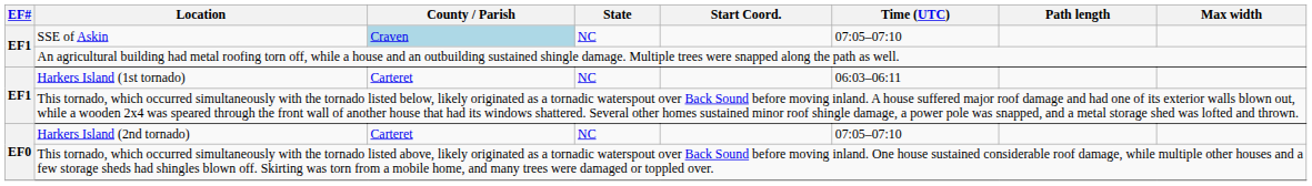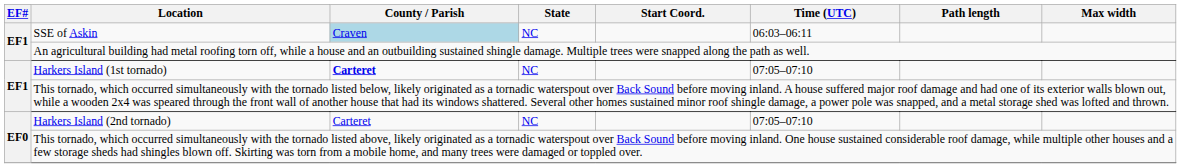 <table class="wikitable sortable" style="width:100%;">
 <tr>
 <th scope="col" width="2%" align="center"><a href='#'>EF#</a></th>
 <th scope="col" align="center" class="unsortable">Location</th>
 <th scope="col" align="center" class="unsortable">County / Parish</th>
 <th scope="col" align="center">State</th>
 <th scope="col" align="center">Start Coord.</th>
 <th scope="col" align="center">Time (<a href='#'>UTC</a>)</th>
 <th scope="col" align="center">Path length</th>
 <th scope="col" align="center">Max width</th>
 </tr>
 <tr>
 <th scope="row" rowspan="2" style="background-color:#">EF1</th>
 <td>SSE of <a href='#'>Askin</a></td>
 <td style="background: lightblue;"><a href='#'>Craven</a></td>
 <td><a href='#'>NC</a></td>
 <td></td>
-<td>07:05–07:10</td>
+<td>06:03–06:11</td>
 <td></td>
 <td></td>
 </tr>
 <tr class="expand-child">
 <td colspan="8" style="border-bottom: 1px solid black;">An agricultural building had metal roofing torn off, while a house and an outbuilding sustained shingle damage. Multiple trees were snapped along the path as well.</td>
 </tr>
 <tr>
 <th scope="row" rowspan="2" style="background-color:#">EF1</th>
 <td><a href='#'>Harkers Island</a> (1st tornado)</td>
-<td><a href='#'>Carteret</a></td>
+<td><strong><a href='#'>Carteret</a></strong></td>
 <td><a href='#'>NC</a></td>
 <td></td>
-<td>06:03–06:11</td>
+<td>07:05–07:10</td>
 <td></td>
 <td></td>
 </tr>
 <tr class="expand-child">
 <td colspan="8" style="border-bottom: 1px solid black;">This tornado, which occurred simultaneously with the tornado listed below, likely originated as a tornadic waterspout over <a href='#'>Back Sound</a> before moving inland. A house suffered major roof damage and had one of its exterior walls blown out, while a wooden 2x4 was speared through the front wall of another house that had its windows shattered. Several other homes sustained minor roof shingle damage, a power pole was snapped, and a metal storage shed was lofted and thrown.</td>
 </tr>
 <tr>
 <th scope="row" rowspan="2" style="background-color:#">EF0</th>
 <td><a href='#'>Harkers Island</a> (2nd tornado)</td>
 <td><a href='#'>Carteret</a></td>
 <td><a href='#'>NC</a></td>
 <td></td>
 <td>07:05–07:10</td>
 <td></td>
 <td></td>
 </tr>
 <tr class="expand-child">
 <td colspan="8" style="border-bottom: 1px solid black;">This tornado, which occurred simultaneously with the tornado listed above, likely originated as a tornadic waterspout over <a href='#'>Back Sound</a> before moving inland. One house sustained considerable roof damage, while multiple other houses and a few storage sheds had shingles blown off. Skirting was torn from a mobile home, and many trees were damaged or toppled over.</td>
 </tr>
 <tr>
 </tr>
 </table>
